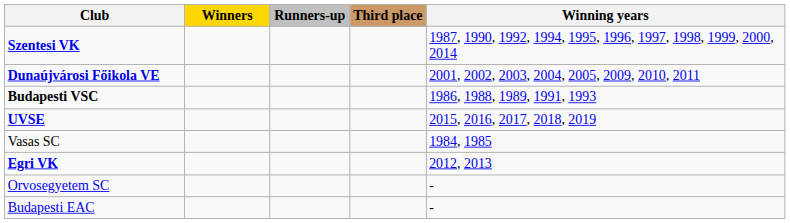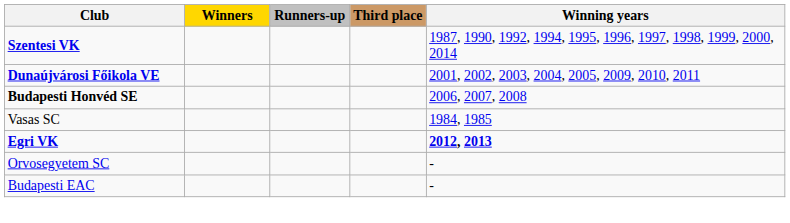 <table class="wikitable">
 <tr>
 <th width=200>Club</th>
 <th width=90; style="background:gold">Winners</th>
 <th width=85; style="background:silver">Runners-up</th>
 <th width=80; style="background:#cc9966">Third place</th>
 <th width=405>Winning years</th>
 </tr>
 <tr>
 <td> <strong><a href='#'>Szentesi VK</a></strong></td>
 <td></td>
 <td></td>
 <td></td>
 <td><a href='#'>1987</a>, <a href='#'>1990</a>, <a href='#'>1992</a>, <a href='#'>1994</a>, <a href='#'>1995</a>, <a href='#'>1996</a>, <a href='#'>1997</a>, <a href='#'>1998</a>, <a href='#'>1999</a>, <a href='#'>2000</a>, <a href='#'>2014</a></td>
 </tr>
 <tr>
 <td> <strong><a href='#'>Dunaújvárosi Főikola VE</a></strong></td>
 <td></td>
 <td></td>
 <td></td>
 <td><a href='#'>2001</a>, <a href='#'>2002</a>, <a href='#'>2003</a>, <a href='#'>2004</a>, <a href='#'>2005</a>, <a href='#'>2009</a>, <a href='#'>2010</a>, <a href='#'>2011</a></td>
 </tr>
 <tr>
-<td> <strong>Budapesti VSC</strong></td>
+<td> <strong>Budapesti Honvéd SE</strong></td>
 <td></td>
 <td></td>
 <td></td>
-<td><a href='#'>1986</a>, <a href='#'>1988</a>, <a href='#'>1989</a>, <a href='#'>1991</a>, <a href='#'>1993</a></td>
-</tr>
-<tr>
-<td> <strong><a href='#'>UVSE</a></strong></td>
-<td></td>
-<td></td>
-<td></td>
-<td><a href='#'>2015</a>, <a href='#'>2016</a>, <a href='#'>2017</a>, <a href='#'>2018</a>, <a href='#'>2019</a></td>
+<td><a href='#'>2006</a>, <a href='#'>2007</a>, <a href='#'>2008</a></td>
 </tr>
 <tr>
 <td> Vasas SC</td>
 <td></td>
 <td></td>
 <td></td>
 <td><a href='#'>1984</a>, <a href='#'>1985</a></td>
 </tr>
 <tr>
 <td> <strong><a href='#'>Egri VK</a></strong></td>
 <td></td>
 <td></td>
 <td></td>
-<td><a href='#'>2012</a>, <a href='#'>2013</a></td>
+<td><strong><a href='#'>2012</a>, <a href='#'>2013</a></strong></td>
 </tr>
 <tr>
 <td> <a href='#'>Orvosegyetem SC</a></td>
 <td></td>
 <td></td>
 <td></td>
 <td>-</td>
 </tr>
 <tr>
 <td> <a href='#'>Budapesti EAC</a></td>
 <td></td>
 <td></td>
 <td></td>
 <td>-</td>
 </tr>
 </table>
